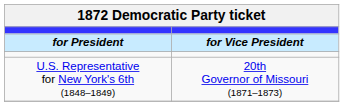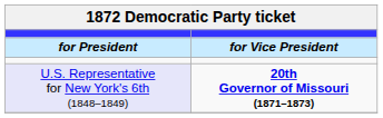 <table class="wikitable" style="font-size:90%; text-align:center;">
 <tr>
 <td style="background:#f1f1f1;" colspan="30"><big><strong>1872 Democratic Party ticket</strong></big></td>
 </tr>
 <tr>
 <th style="width:3em; font-size:135%; background:#3333FF; width:200px;"><a href='#'></a></th>
 <th style="width:3em; font-size:135%; background:#3333FF; width:200px;"><a href='#'></a></th>
 </tr>
 <tr>
 <td style="width:3em; font-size:100%; color:#000; background:#C8EBFF; width:200px;"><strong><em>for President</em></strong></td>
 <td style="width:3em; font-size:100%; color:#000; background:#C8EBFF; width:200px;"><strong><em>for Vice President</em></strong></td>
 </tr>
 <tr>
 <td></td>
 <td></td>
 </tr>
 <tr>
-<td><a href='#'>U.S. Representative</a><br>for <a href='#'>New York's 6th</a><br><small>(1848–1849)</small></td>
-<td><a href='#'>20th</a><br><a href='#'>Governor of Missouri</a><br><small>(1871–1873)</small></td>
+<td style="background: lavender;"><a href='#'>U.S. Representative</a><br>for <a href='#'>New York's 6th</a><br><small>(1848–1849)</small></td>
+<td><strong><a href='#'>20th</a><br><a href='#'>Governor of Missouri</a><br><small>(1871–1873)</small></strong></td>
 </tr>
 <tr>
 </tr>
 </table>
